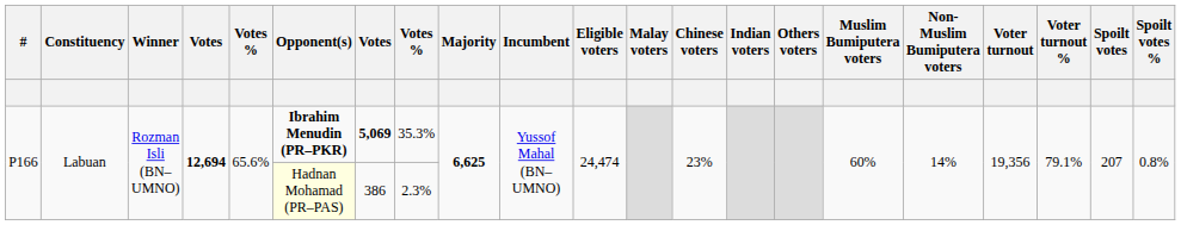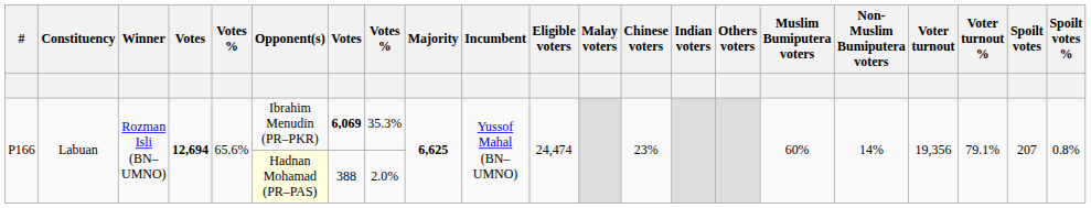 <table class="wikitable sortable" style="text-align:center; font-size:90%">
 <tr>
 <th width="30">#</th>
 <th width="60">Constituency</th>
 <th width="150">Winner</th>
 <th width="50">Votes</th>
 <th width="50">Votes %</th>
 <th width="150">Opponent(s)</th>
 <th width="50">Votes</th>
 <th width="50">Votes %</th>
 <th width="50">Majority</th>
 <th width="150">Incumbent</th>
 <th width="50">Eligible voters</th>
 <th width="50">Malay voters</th>
 <th width="50">Chinese voters</th>
 <th width="50">Indian voters</th>
 <th width="50">Others voters</th>
 <th width="50">Muslim Bumiputera voters</th>
 <th width="50">Non-Muslim Bumiputera voters</th>
 <th width="50">Voter turnout</th>
 <th width="50">Voter turnout %</th>
 <th width="50">Spoilt votes</th>
 <th width="50">Spoilt votes %</th>
 </tr>
 <tr>
 <th height="20"></th>
 <th></th>
 <th></th>
 <th></th>
 <th></th>
 <th></th>
 <th></th>
 <th></th>
 <th></th>
 <th></th>
 <th></th>
 <th></th>
 <th></th>
 <th></th>
 <th></th>
 <th></th>
 <th></th>
 <th></th>
 <th></th>
 <th></th>
 <th></th>
 </tr>
 <tr>
 <td rowspan="2">P166</td>
 <td rowspan="2">Labuan</td>
 <td rowspan="2"><a href='#'>Rozman Isli</a><br>(BN–UMNO)</td>
 <td rowspan="2"><strong>12,694</strong></td>
 <td rowspan="2">65.6%</td>
-<td><strong>Ibrahim Menudin<br>(PR–PKR)</strong></td>
-<td><strong>5,069</strong></td>
+<td>Ibrahim Menudin<br>(PR–PKR)</td>
+<td><strong>6,069</strong></td>
 <td>35.3%</td>
 <td rowspan="2"><strong>6,625</strong></td>
 <td rowspan="2"><a href='#'>Yussof Mahal</a><br>(BN–UMNO)</td>
 <td rowspan="2">24,474</td>
 <td rowspan="2" bgcolor="dcdcdc"></td>
 <td rowspan="2">23%</td>
 <td rowspan="2" bgcolor="dcdcdc"></td>
 <td rowspan="2" bgcolor="dcdcdc"></td>
 <td rowspan="2">60%</td>
 <td rowspan="2">14%</td>
 <td rowspan="2">19,356</td>
 <td rowspan="2">79.1%</td>
 <td rowspan="2">207</td>
 <td rowspan="2">0.8%</td>
 </tr>
 <tr>
 <td style="background: lightyellow;">Hadnan Mohamad<br>(PR–PAS)</td>
-<td>386</td>
-<td>2.3%</td>
+<td>388</td>
+<td>2.0%</td>
 </tr>
 </table>
